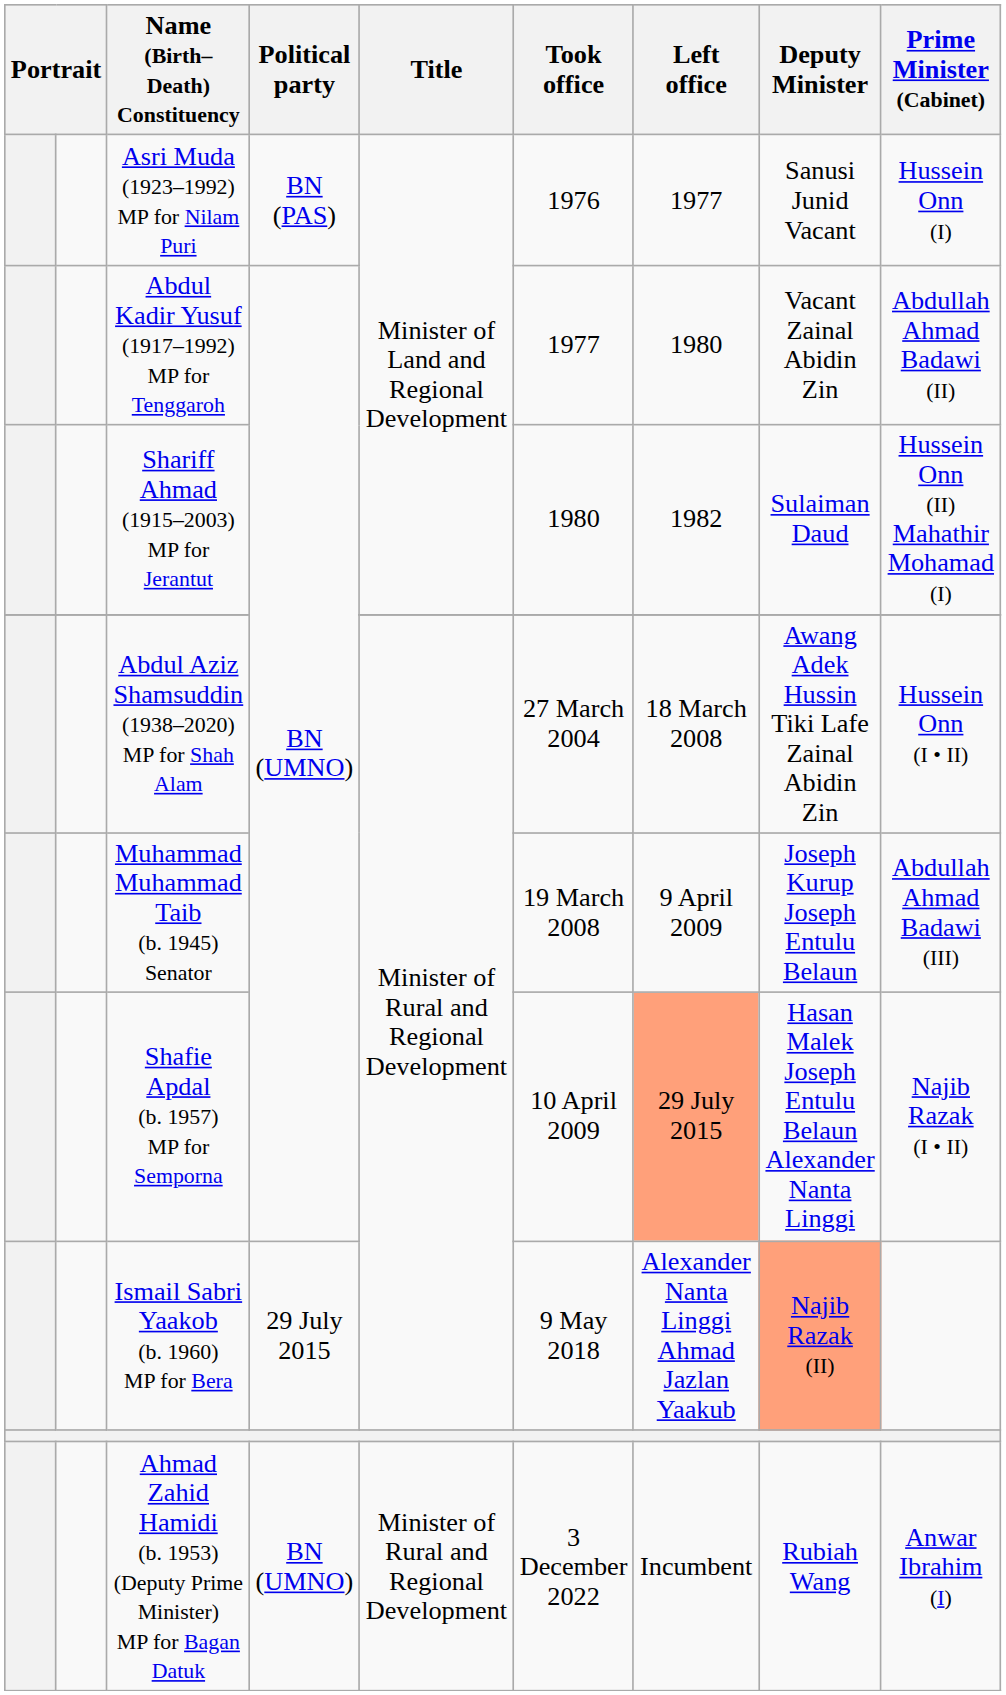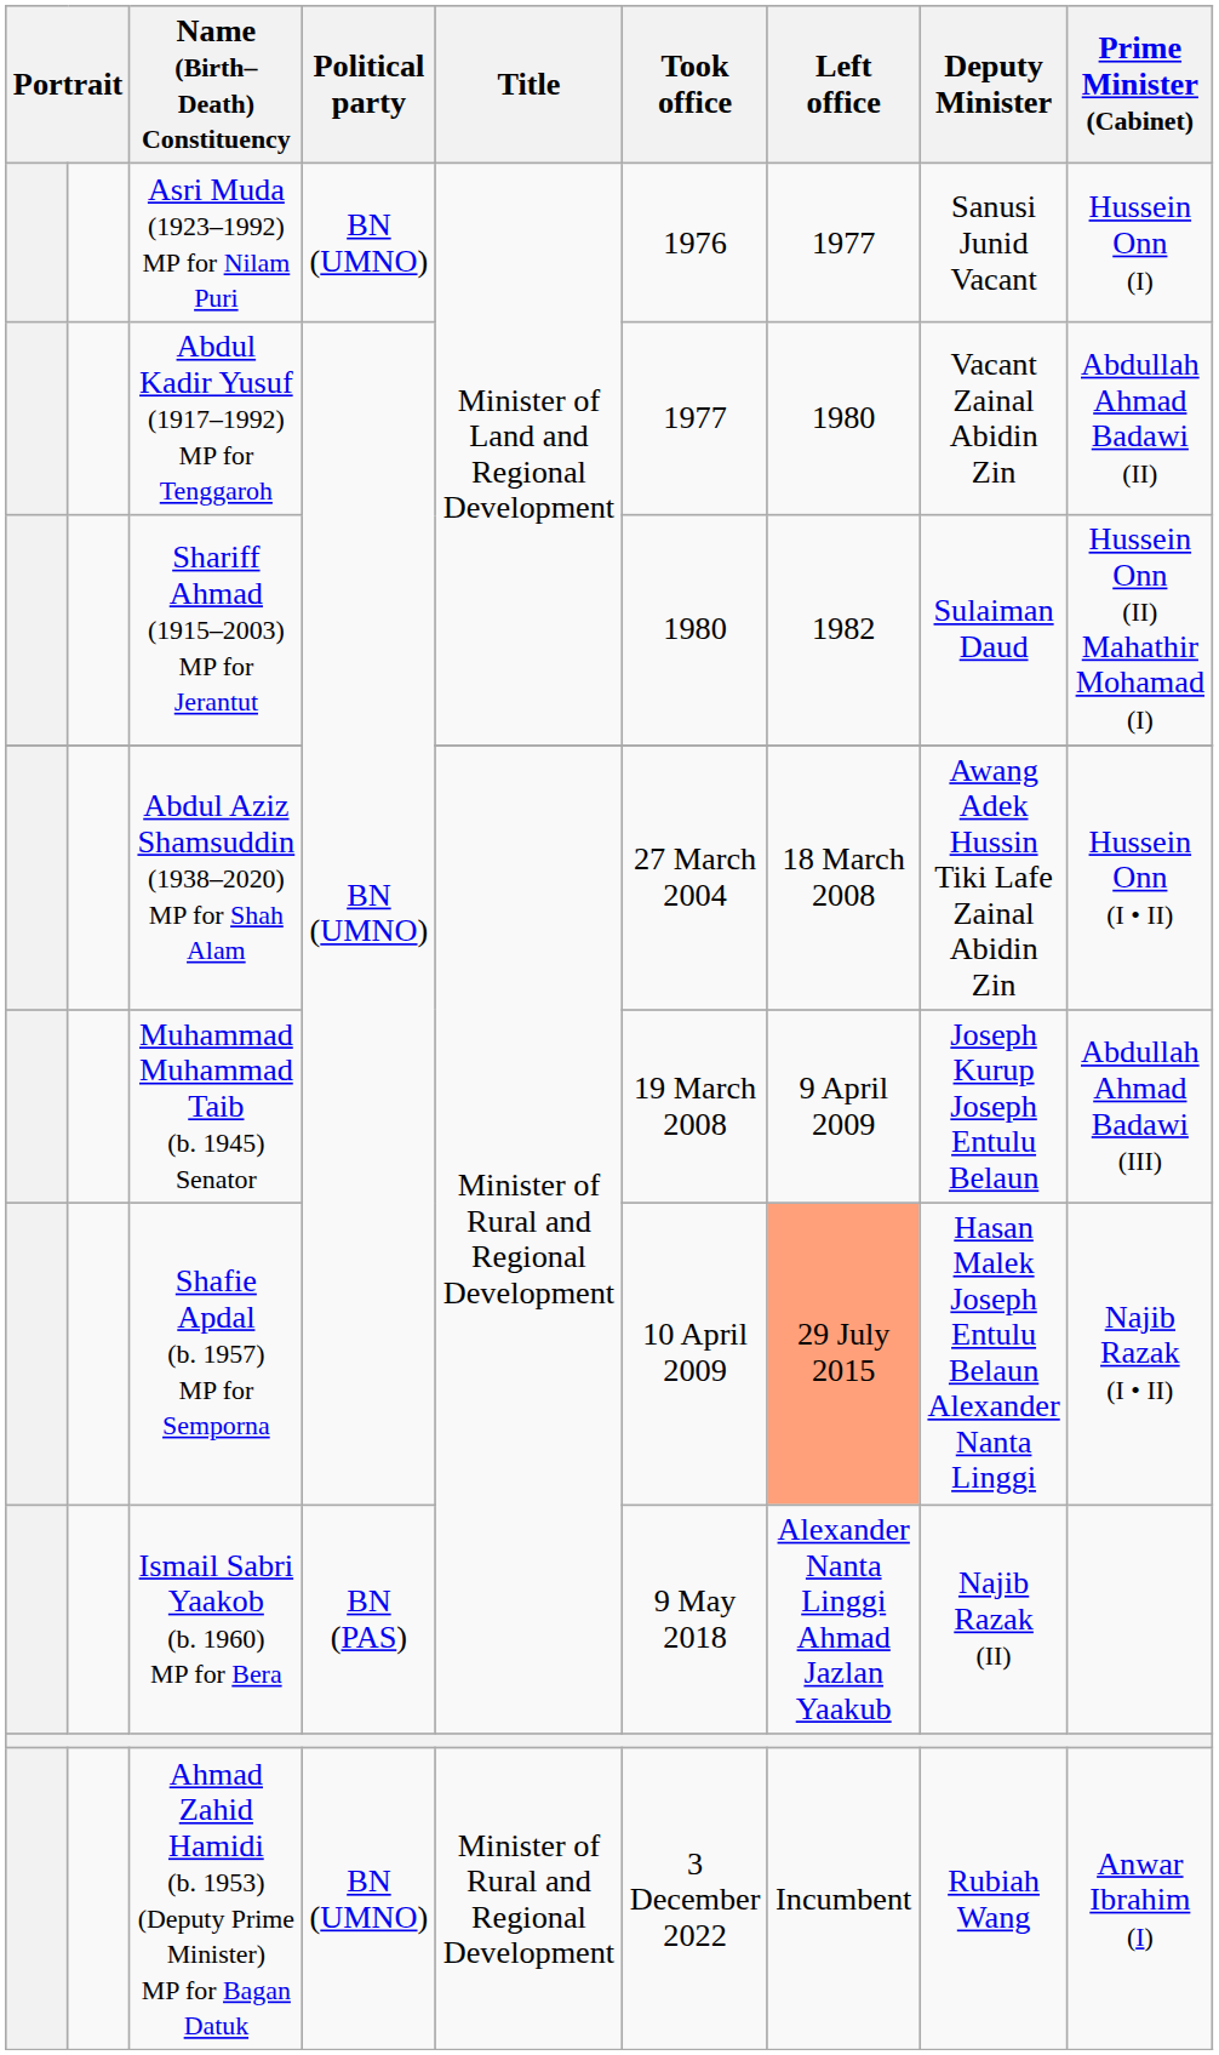 <table class="wikitable" style="text-align:center;">
 <tr>
 <th colspan=2>Portrait</th>
 <th>Name<br><small>(Birth–Death)<br>Constituency</small></th>
 <th>Political party</th>
 <th>Title</th>
 <th>Took office</th>
 <th>Left office</th>
 <th>Deputy Minister</th>
 <th><a href='#'>Prime Minister</a><br><small>(Cabinet)</small></th>
 </tr>
 <tr>
 <th style="background:"></th>
 <td></td>
 <td><a href='#'>Asri Muda</a><br><small>(1923–1992)<br>MP for <a href='#'>Nilam Puri</a></small></td>
-<td><a href='#'>BN</a> (<a href='#'>PAS</a>)</td>
+<td><a href='#'>BN</a> (<a href='#'>UMNO</a>)</td>
 <td rowspan=3>Minister of Land and Regional Development</td>
 <td>1976</td>
 <td>1977</td>
 <td>Sanusi Junid  Vacant </td>
 <td><a href='#'>Hussein Onn</a><br><small>(I)</small></td>
 </tr>
 <tr>
 <th style="background:"></th>
 <td></td>
 <td><a href='#'>Abdul Kadir Yusuf</a><br><small>(1917–1992)<br>MP for <a href='#'>Tenggaroh</a></small></td>
 <td rowspan=6><a href='#'>BN</a> (<a href='#'>UMNO</a>)</td>
 <td>1977</td>
 <td>1980</td>
 <td>Vacant Zainal Abidin Zin </td>
 <td><a href='#'>Abdullah Ahmad Badawi</a><br><small>(II)</small></td>
 </tr>
 <tr>
 <th style="background:"></th>
 <td></td>
 <td><a href='#'>Shariff Ahmad</a><br><small>(1915–2003)<br>MP for <a href='#'>Jerantut</a></small></td>
 <td>1980</td>
 <td>1982</td>
 <td><a href='#'>Sulaiman Daud</a></td>
 <td><a href='#'>Hussein Onn</a><br><small>(II)</small><br><a href='#'>Mahathir Mohamad</a><br><small>(I)</small></td>
 </tr>
 <tr>
 </tr>
 <tr>
 <th style="background:"></th>
 <td></td>
 <td><a href='#'>Abdul Aziz Shamsuddin</a><br><small>(1938–2020)<br>MP for <a href='#'>Shah Alam</a></small></td>
 <td rowspan=4>Minister of Rural and Regional Development</td>
 <td>27 March 2004</td>
 <td>18 March 2008</td>
 <td><a href='#'>Awang Adek Hussin</a> Tiki Lafe  Zainal Abidin Zin </td>
 <td><a href='#'>Hussein Onn</a><br><small>(I • II)</small></td>
 </tr>
 <tr>
 <th style="background:"></th>
 <td></td>
 <td><a href='#'>Muhammad Muhammad Taib</a><br><small>(b. 1945)<br>Senator</small></td>
 <td>19 March 2008</td>
 <td>9 April 2009</td>
 <td><a href='#'>Joseph Kurup</a> <a href='#'>Joseph Entulu Belaun</a></td>
 <td><a href='#'>Abdullah Ahmad Badawi</a><br><small>(III)</small></td>
 </tr>
 <tr>
 <th style="background:"></th>
 <td></td>
 <td><a href='#'>Shafie Apdal</a><br><small>(b. 1957)<br>MP for <a href='#'>Semporna</a></small></td>
 <td>10 April 2009</td>
 <td style="background: lightsalmon;">29 July 2015</td>
 <td><a href='#'>Hasan Malek</a> <a href='#'>Joseph Entulu Belaun</a>  <a href='#'>Alexander Nanta Linggi</a> </td>
 <td><a href='#'>Najib Razak</a><br><small>(I • II)</small></td>
 </tr>
 <tr>
 <th style="background:"></th>
 <td></td>
 <td><a href='#'>Ismail Sabri Yaakob</a><br><small>(b. 1960)<br>MP for <a href='#'>Bera</a></small></td>
-<td>29 July 2015</td>
+<td><a href='#'>BN</a> (<a href='#'>PAS</a>)</td>
 <td>9 May 2018</td>
 <td><a href='#'>Alexander Nanta Linggi</a> <a href='#'>Ahmad Jazlan Yaakub</a></td>
-<td style="background: lightsalmon;"><a href='#'>Najib Razak</a><br><small>(II)</small></td>
+<td><a href='#'>Najib Razak</a><br><small>(II)</small></td>
 </tr>
 <tr>
 <th colspan="9" bgcolor="cccccc"></th>
 </tr>
 <tr>
 <th style="background:"></th>
 <td></td>
 <td><a href='#'>Ahmad Zahid Hamidi</a><br><small>(b. 1953)<br>(Deputy Prime Minister)<br>MP for <a href='#'>Bagan Datuk</a></small></td>
 <td><a href='#'>BN</a> (<a href='#'>UMNO</a>)</td>
 <td>Minister of Rural and Regional Development</td>
 <td>3 December 2022</td>
 <td>Incumbent</td>
 <td><a href='#'>Rubiah Wang</a></td>
 <td><a href='#'>Anwar Ibrahim</a><br><small>(<a href='#'>I</a>)</small></td>
 </tr>
 <tr>
 </tr>
 </table>
